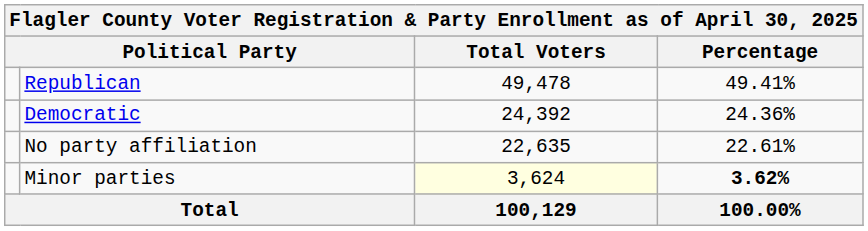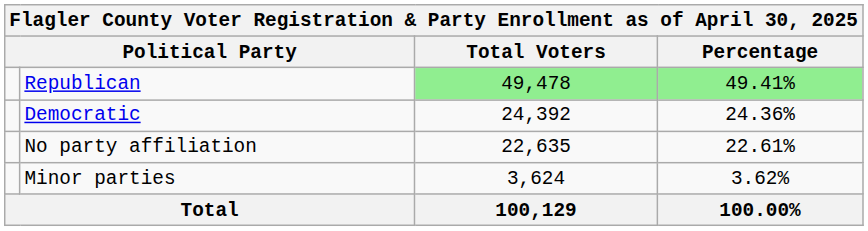 <table class="wikitable">
 <tr>
 <th colspan = 6>Flagler County Voter Registration & Party Enrollment as of April 30, 2025</th>
 </tr>
 <tr>
 <th colspan = 2>Political Party</th>
 <th>Total Voters</th>
 <th>Percentage</th>
 </tr>
 <tr>
 <td></td>
 <td><a href='#'>Republican</a></td>
-<td align=center>49,478</td>
-<td align=center>49.41%</td>
+<td align=center style="background: lightgreen;">49,478</td>
+<td align=center style="background: lightgreen;">49.41%</td>
 </tr>
 <tr>
 <td></td>
 <td><a href='#'>Democratic</a></td>
 <td align=center>24,392</td>
 <td align=center>24.36%</td>
 </tr>
 <tr>
 <td></td>
 <td>No party affiliation</td>
 <td align=center>22,635</td>
 <td align=center>22.61%</td>
 </tr>
 <tr>
 <td></td>
 <td>Minor parties</td>
-<td align=center style="background: lightyellow;">3,624</td>
-<td align=center><strong>3.62%</strong></td>
+<td align=center>3,624</td>
+<td align=center>3.62%</td>
 </tr>
 <tr>
 <th colspan = 2>Total</th>
 <th align=center>100,129</th>
 <th align=center>100.00%</th>
 </tr>
 </table>
